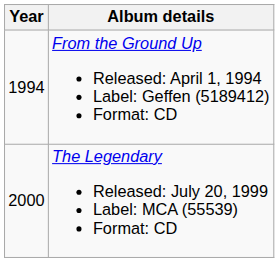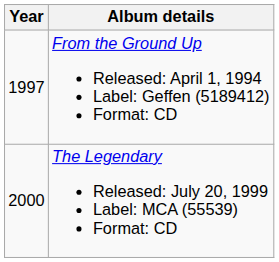 <table class="wikitable" border="1">
 <tr>
 <th>Year</th>
 <th>Album details</th>
 </tr>
 <tr>
-<td>1994</td>
+<td>1997</td>
 <td align="left"><em><a href='#'>From the Ground Up</a></em><br><ul><li>Released: April 1, 1994</li><li>Label: Geffen (5189412)</li><li>Format: CD</li></ul></td>
 </tr>
 <tr>
 <td>2000</td>
 <td align="left"><em><a href='#'>The Legendary</a></em><br><ul><li>Released: July 20, 1999</li><li>Label: MCA (55539)</li><li>Format: CD</li></ul></td>
 </tr>
 </table>
